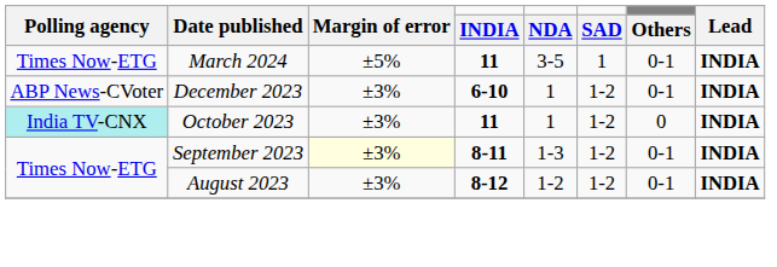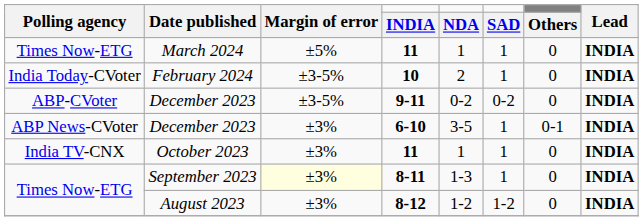 <table class="wikitable sortable" style="text-align:center;font-size:95%;line-height:16px">
 <tr>
 <th rowspan="2">Polling agency</th>
 <th rowspan="2">Date published</th>
 <th rowspan="2">Margin of error</th>
 <td></td>
 <td></td>
 <td bgcolor=></td>
 <td bgcolor=grey></td>
 <th rowspan="2">Lead</th>
 </tr>
 <tr>
 <th><a href='#'>INDIA</a></th>
 <th><a href='#'>NDA</a></th>
 <th><a href='#'>SAD</a></th>
 <th>Others</th>
 </tr>
 <tr>
 <td><a href='#'>Times Now</a>-<a href='#'>ETG</a></td>
 <td><em>March 2024</em></td>
 <td>±5%</td>
 <td><strong>11</strong></td>
-<td>3-5</td>
 <td>1</td>
-<td>0-1</td>
+<td>1</td>
+<td>0</td>
+<td><strong>INDIA</strong></td>
+</tr>
+<tr>
+<td><a href='#'>India Today</a>-CVoter</td>
+<td><em>February 2024</em></td>
+<td>±3-5%</td>
+<td><strong>10</strong></td>
+<td>2</td>
+<td>1</td>
+<td>0</td>
+<td><strong>INDIA</strong></td>
+</tr>
+<tr>
+<td><a href='#'>ABP</a>-<a href='#'>CVoter</a></td>
+<td><em>December 2023</em></td>
+<td>±3-5%</td>
+<td><strong>9-11</strong></td>
+<td>0-2</td>
+<td>0-2</td>
+<td>0</td>
 <td><strong>INDIA</strong></td>
 </tr>
 <tr>
 <td><a href='#'>ABP News</a>-CVoter</td>
 <td><em>December 2023</em></td>
 <td>±3%</td>
 <td><strong>6-10</strong></td>
+<td>3-5</td>
 <td>1</td>
-<td>1-2</td>
 <td>0-1</td>
 <td><strong>INDIA</strong></td>
 </tr>
 <tr>
-<td style="background: paleturquoise;"><a href='#'>India TV</a>-CNX</td>
+<td><a href='#'>India TV</a>-CNX</td>
 <td><em>October 2023</em></td>
 <td>±3%</td>
 <td><strong>11</strong></td>
 <td>1</td>
-<td>1-2</td>
+<td>1</td>
 <td>0</td>
 <td><strong>INDIA</strong></td>
 </tr>
 <tr>
 <td rowspan="2"><a href='#'>Times Now</a>-<a href='#'>ETG</a></td>
 <td><em>September 2023</em></td>
 <td style="background: lightyellow;">±3%</td>
 <td><strong>8-11</strong></td>
 <td>1-3</td>
-<td>1-2</td>
-<td>0-1</td>
+<td>1</td>
+<td>0</td>
 <td><strong>INDIA</strong></td>
 </tr>
 <tr>
 <td><em>August 2023</em></td>
 <td>±3%</td>
 <td><strong>8-12</strong></td>
 <td>1-2</td>
 <td>1-2</td>
-<td>0-1</td>
+<td>0</td>
 <td><strong>INDIA</strong></td>
 </tr>
 <tr>
 </tr>
 </table>
